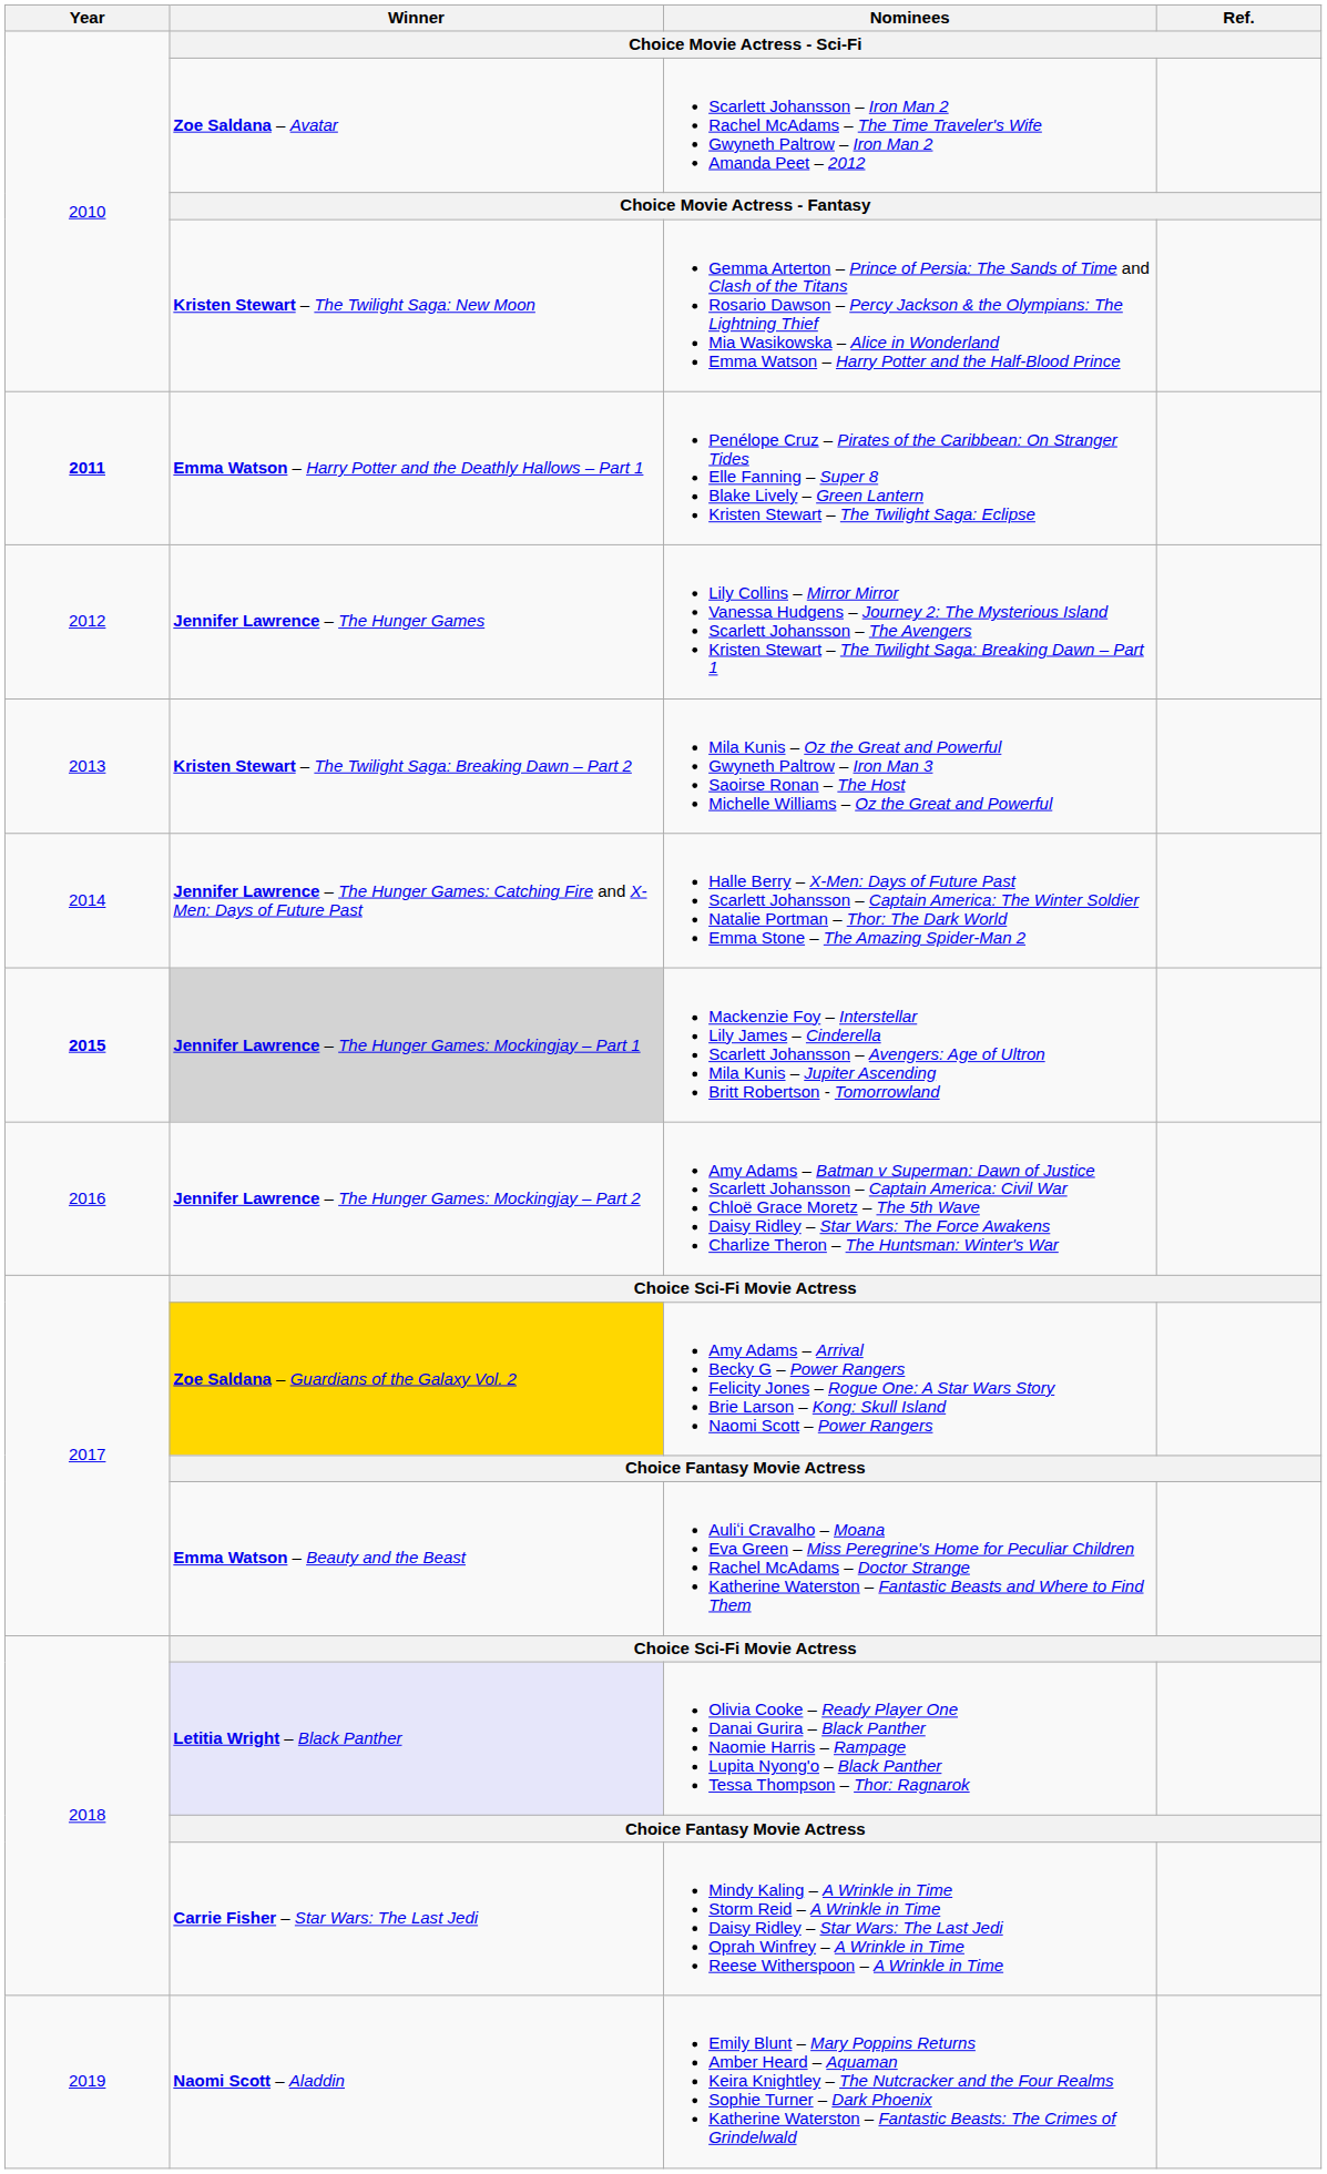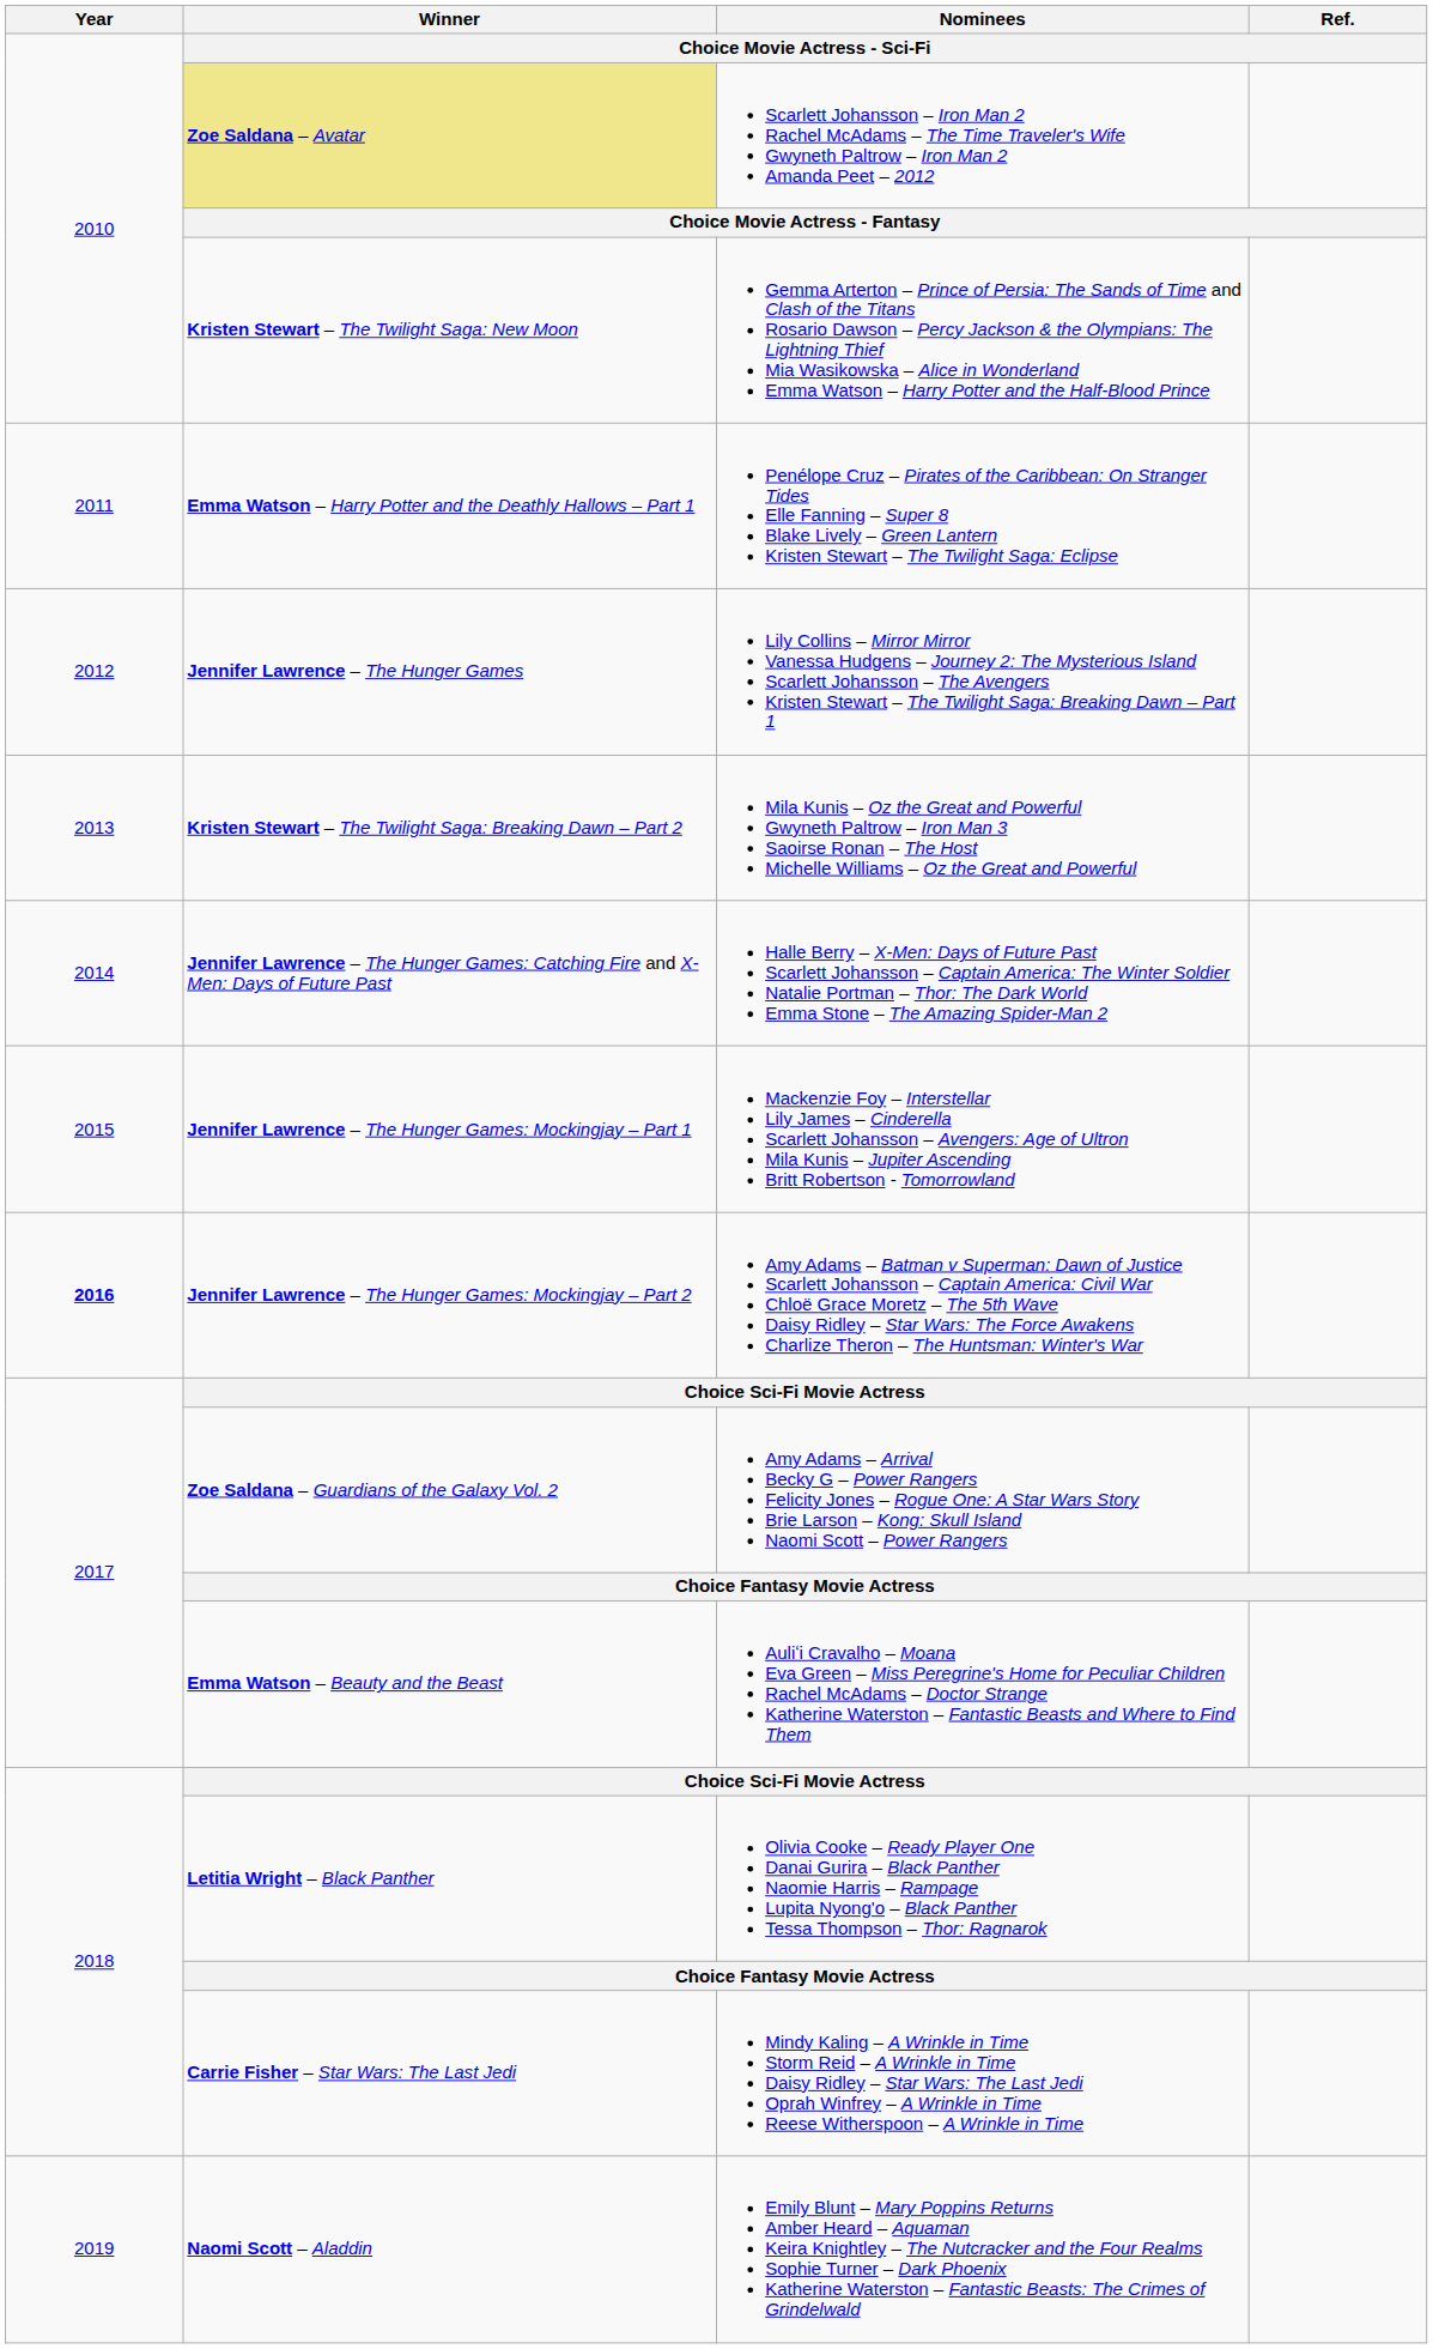 <table class="wikitable" width="100%" cellpadding="5">
 <tr>
 <th width="10%">Year</th>
 <th width="30%">Winner</th>
 <th width="30%">Nominees</th>
 <th width="10%">Ref.</th>
 </tr>
 <tr>
 <td rowspan="4" align="center"><a href='#'>2010</a></td>
 <th colspan="3">Choice Movie Actress - Sci-Fi</th>
 </tr>
 <tr>
-<td><strong><a href='#'>Zoe Saldana</a></strong> – <em><a href='#'>Avatar</a></em></td>
+<td style="background: khaki;"><strong><a href='#'>Zoe Saldana</a></strong> – <em><a href='#'>Avatar</a></em></td>
 <td><br><ul><li><a href='#'>Scarlett Johansson</a> – <em><a href='#'>Iron Man 2</a></em></li><li><a href='#'>Rachel McAdams</a> – <em><a href='#'>The Time Traveler's Wife</a></em></li><li><a href='#'>Gwyneth Paltrow</a> – <em><a href='#'>Iron Man 2</a></em></li><li><a href='#'>Amanda Peet</a> – <em><a href='#'>2012</a></em></li></ul></td>
 <td align="center"></td>
 </tr>
 <tr>
 <th colspan="3">Choice Movie Actress - Fantasy</th>
 </tr>
 <tr>
 <td><strong><a href='#'>Kristen Stewart</a></strong> – <em><a href='#'>The Twilight Saga: New Moon</a></em></td>
 <td><br><ul><li><a href='#'>Gemma Arterton</a> – <em><a href='#'>Prince of Persia: The Sands of Time</a></em> and <em><a href='#'>Clash of the Titans</a></em></li><li><a href='#'>Rosario Dawson</a> – <em><a href='#'>Percy Jackson & the Olympians: The Lightning Thief</a></em></li><li><a href='#'>Mia Wasikowska</a> – <em><a href='#'>Alice in Wonderland</a></em></li><li><a href='#'>Emma Watson</a> – <em><a href='#'>Harry Potter and the Half-Blood Prince</a></em></li></ul></td>
 <td align="center"></td>
 </tr>
 <tr>
-<td align="center"><strong><a href='#'>2011</a></strong></td>
+<td align="center"><a href='#'>2011</a></td>
 <td><strong><a href='#'>Emma Watson</a></strong> – <em><a href='#'>Harry Potter and the Deathly Hallows – Part 1</a></em></td>
 <td><br><ul><li><a href='#'>Penélope Cruz</a> – <em><a href='#'>Pirates of the Caribbean: On Stranger Tides</a></em></li><li><a href='#'>Elle Fanning</a> – <em><a href='#'>Super 8</a></em></li><li><a href='#'>Blake Lively</a> – <em><a href='#'>Green Lantern</a></em></li><li><a href='#'>Kristen Stewart</a> – <em><a href='#'>The Twilight Saga: Eclipse</a></em></li></ul></td>
 <td align="center"></td>
 </tr>
 <tr>
 <td align="center"><a href='#'>2012</a></td>
 <td><strong><a href='#'>Jennifer Lawrence</a></strong> – <em><a href='#'>The Hunger Games</a></em></td>
 <td><br><ul><li><a href='#'>Lily Collins</a> – <em><a href='#'>Mirror Mirror</a></em></li><li><a href='#'>Vanessa Hudgens</a> – <em><a href='#'>Journey 2: The Mysterious Island</a></em></li><li><a href='#'>Scarlett Johansson</a> – <em><a href='#'>The Avengers</a></em></li><li><a href='#'>Kristen Stewart</a> – <em><a href='#'>The Twilight Saga: Breaking Dawn – Part 1</a></em></li></ul></td>
 <td align="center"></td>
 </tr>
 <tr>
 <td align="center"><a href='#'>2013</a></td>
 <td><strong><a href='#'>Kristen Stewart</a></strong> – <em><a href='#'>The Twilight Saga: Breaking Dawn – Part 2</a></em></td>
 <td><br><ul><li><a href='#'>Mila Kunis</a> – <em><a href='#'>Oz the Great and Powerful</a></em></li><li><a href='#'>Gwyneth Paltrow</a> – <em><a href='#'>Iron Man 3</a></em></li><li><a href='#'>Saoirse Ronan</a> – <em><a href='#'>The Host</a></em></li><li><a href='#'>Michelle Williams</a> – <em><a href='#'>Oz the Great and Powerful</a></em></li></ul></td>
 <td align="center"></td>
 </tr>
 <tr>
 <td align="center"><a href='#'>2014</a></td>
 <td><strong><a href='#'>Jennifer Lawrence</a></strong> – <em><a href='#'>The Hunger Games: Catching Fire</a></em> and <em><a href='#'>X-Men: Days of Future Past</a></em></td>
 <td><br><ul><li><a href='#'>Halle Berry</a> – <em><a href='#'>X-Men: Days of Future Past</a></em></li><li><a href='#'>Scarlett Johansson</a> – <em><a href='#'>Captain America: The Winter Soldier</a></em></li><li><a href='#'>Natalie Portman</a> – <em><a href='#'>Thor: The Dark World</a></em></li><li><a href='#'>Emma Stone</a> – <em><a href='#'>The Amazing Spider-Man 2</a></em></li></ul></td>
 <td align="center"></td>
 </tr>
 <tr>
-<td align="center"><strong><a href='#'>2015</a></strong></td>
-<td style="background: lightgrey;"><strong><a href='#'>Jennifer Lawrence</a></strong> – <em><a href='#'>The Hunger Games: Mockingjay – Part 1</a></em></td>
+<td align="center"><a href='#'>2015</a></td>
+<td><strong><a href='#'>Jennifer Lawrence</a></strong> – <em><a href='#'>The Hunger Games: Mockingjay – Part 1</a></em></td>
 <td><br><ul><li><a href='#'>Mackenzie Foy</a> – <em><a href='#'>Interstellar</a></em></li><li><a href='#'>Lily James</a> – <em><a href='#'>Cinderella</a></em></li><li><a href='#'>Scarlett Johansson</a> – <em><a href='#'>Avengers: Age of Ultron</a></em></li><li><a href='#'>Mila Kunis</a> – <em><a href='#'>Jupiter Ascending</a></em></li><li><a href='#'>Britt Robertson</a> - <em><a href='#'>Tomorrowland</a></em></li></ul></td>
 <td align="center"></td>
 </tr>
 <tr>
-<td align="center"><a href='#'>2016</a></td>
+<td align="center"><strong><a href='#'>2016</a></strong></td>
 <td><strong><a href='#'>Jennifer Lawrence</a></strong> – <em><a href='#'>The Hunger Games: Mockingjay – Part 2</a></em></td>
 <td><br><ul><li><a href='#'>Amy Adams</a> – <em><a href='#'>Batman v Superman: Dawn of Justice</a></em></li><li><a href='#'>Scarlett Johansson</a> – <em><a href='#'>Captain America: Civil War</a></em></li><li><a href='#'>Chloë Grace Moretz</a> – <em><a href='#'>The 5th Wave</a></em></li><li><a href='#'>Daisy Ridley</a> – <em><a href='#'>Star Wars: The Force Awakens</a></em></li><li><a href='#'>Charlize Theron</a> – <em><a href='#'>The Huntsman: Winter's War</a></em></li></ul></td>
 <td align="center"></td>
 </tr>
 <tr>
 <td rowspan="4" align="center"><a href='#'>2017</a></td>
 <th colspan="3">Choice Sci-Fi Movie Actress</th>
 </tr>
 <tr>
-<td style="background: gold;"><strong><a href='#'>Zoe Saldana</a></strong> – <em><a href='#'>Guardians of the Galaxy Vol. 2</a></em></td>
+<td><strong><a href='#'>Zoe Saldana</a></strong> – <em><a href='#'>Guardians of the Galaxy Vol. 2</a></em></td>
 <td><br><ul><li><a href='#'>Amy Adams</a> – <em><a href='#'>Arrival</a></em></li><li><a href='#'>Becky G</a> – <em><a href='#'>Power Rangers</a></em></li><li><a href='#'>Felicity Jones</a> – <em><a href='#'>Rogue One: A Star Wars Story</a></em></li><li><a href='#'>Brie Larson</a> – <em><a href='#'>Kong: Skull Island</a></em></li><li><a href='#'>Naomi Scott</a> – <em><a href='#'>Power Rangers</a></em></li></ul></td>
 <td></td>
 </tr>
 <tr>
 <th colspan="3">Choice Fantasy Movie Actress</th>
 </tr>
 <tr>
 <td><strong><a href='#'>Emma Watson</a></strong> – <em><a href='#'>Beauty and the Beast</a></em></td>
 <td><br><ul><li><a href='#'>Auliʻi Cravalho</a> – <em><a href='#'>Moana</a></em></li><li><a href='#'>Eva Green</a> – <em><a href='#'>Miss Peregrine's Home for Peculiar Children</a></em></li><li><a href='#'>Rachel McAdams</a> – <em><a href='#'>Doctor Strange</a></em></li><li><a href='#'>Katherine Waterston</a> – <em><a href='#'>Fantastic Beasts and Where to Find Them</a></em></li></ul></td>
 <td></td>
 </tr>
 <tr>
 <td rowspan="4" align="center"><a href='#'>2018</a></td>
 <th colspan="3">Choice Sci-Fi Movie Actress</th>
 </tr>
 <tr>
-<td style="background: lavender;"><strong><a href='#'>Letitia Wright</a></strong> – <em><a href='#'>Black Panther</a></em></td>
+<td><strong><a href='#'>Letitia Wright</a></strong> – <em><a href='#'>Black Panther</a></em></td>
 <td><br><ul><li><a href='#'>Olivia Cooke</a> – <em><a href='#'>Ready Player One</a></em></li><li><a href='#'>Danai Gurira</a> – <em><a href='#'>Black Panther</a></em></li><li><a href='#'>Naomie Harris</a> – <em><a href='#'>Rampage</a></em></li><li><a href='#'>Lupita Nyong'o</a> – <em><a href='#'>Black Panther</a></em></li><li><a href='#'>Tessa Thompson</a> – <em><a href='#'>Thor: Ragnarok</a></em></li></ul></td>
 <td></td>
 </tr>
 <tr>
 <th colspan="3">Choice Fantasy Movie Actress</th>
 </tr>
 <tr>
 <td><strong><a href='#'>Carrie Fisher</a></strong> – <em><a href='#'>Star Wars: The Last Jedi</a></em></td>
 <td><br><ul><li><a href='#'>Mindy Kaling</a> – <em><a href='#'>A Wrinkle in Time</a></em></li><li><a href='#'>Storm Reid</a> – <em><a href='#'>A Wrinkle in Time</a></em></li><li><a href='#'>Daisy Ridley</a> – <em><a href='#'>Star Wars: The Last Jedi</a></em></li><li><a href='#'>Oprah Winfrey</a> – <em><a href='#'>A Wrinkle in Time</a></em></li><li><a href='#'>Reese Witherspoon</a> – <em><a href='#'>A Wrinkle in Time</a></em></li></ul></td>
 <td></td>
 </tr>
 <tr>
 <td align="center"><a href='#'>2019</a></td>
 <td><strong><a href='#'>Naomi Scott</a></strong> – <em><a href='#'>Aladdin</a></em></td>
 <td><br><ul><li><a href='#'>Emily Blunt</a> – <em><a href='#'>Mary Poppins Returns</a></em></li><li><a href='#'>Amber Heard</a> – <em><a href='#'>Aquaman</a></em></li><li><a href='#'>Keira Knightley</a> – <em><a href='#'>The Nutcracker and the Four Realms</a></em></li><li><a href='#'>Sophie Turner</a> – <em><a href='#'>Dark Phoenix</a></em></li><li><a href='#'>Katherine Waterston</a> – <em><a href='#'>Fantastic Beasts: The Crimes of Grindelwald</a></em></li></ul></td>
 <td align="center"></td>
 </tr>
 </table>
